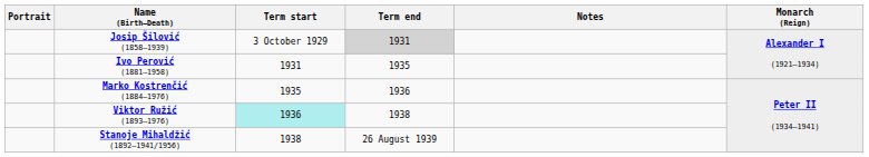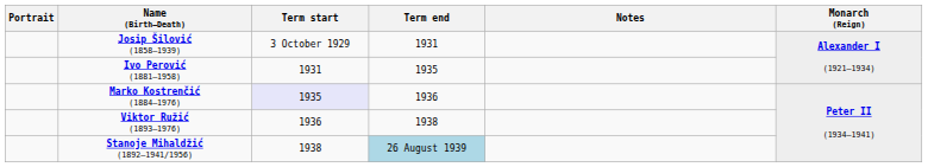 <table class="wikitable" style="text-align:center" width=100%>
 <tr>
 <th width=5%>Portrait</th>
 <th width=20%>Name<small><br>(Birth–Death)</small></th>
 <th width=12%>Term start</th>
 <th width=12%>Term end</th>
 <th width=30%>Notes</th>
 <th width=15%>Monarch<br><small>(Reign)</small></th>
 </tr>
 <tr>
 <td></td>
 <td><strong><a href='#'>Josip Šilović</a></strong><br><small>(1858–1939)</small></td>
 <td>3 October 1929</td>
-<td style="background: lightgrey;">1931</td>
+<td>1931</td>
 <td></td>
 <td rowspan="2" bgcolor="#EEEEEE"><strong><a href='#'>Alexander I</a></strong><br><br><small>(1921–1934)</small></td>
 </tr>
 <tr>
 <td></td>
 <td><strong><a href='#'>Ivo Perović</a></strong><br><small>(1881–1958)</small></td>
 <td>1931</td>
 <td>1935</td>
 <td></td>
 </tr>
 <tr>
 <td></td>
 <td><strong><a href='#'>Marko Kostrenčić</a></strong><br><small>(1884–1976)</small></td>
-<td>1935</td>
+<td style="background: lavender;">1935</td>
 <td>1936</td>
 <td></td>
 <td rowspan="3" bgcolor="#EEEEEE"><strong><a href='#'>Peter II</a></strong><br><br><small>(1934–1941)</small></td>
 </tr>
 <tr>
 <td></td>
 <td><strong><a href='#'>Viktor Ružić</a></strong><br><small>(1893–1976)</small></td>
-<td style="background: paleturquoise;">1936</td>
+<td>1936</td>
 <td>1938</td>
 <td></td>
 </tr>
 <tr>
 <td></td>
 <td><strong><a href='#'>Stanoje Mihaldžić</a></strong><br><small>(1892–1941/1956)</small></td>
 <td>1938</td>
-<td>26 August 1939</td>
+<td style="background: lightblue;">26 August 1939</td>
 <td></td>
 </tr>
 </table>
